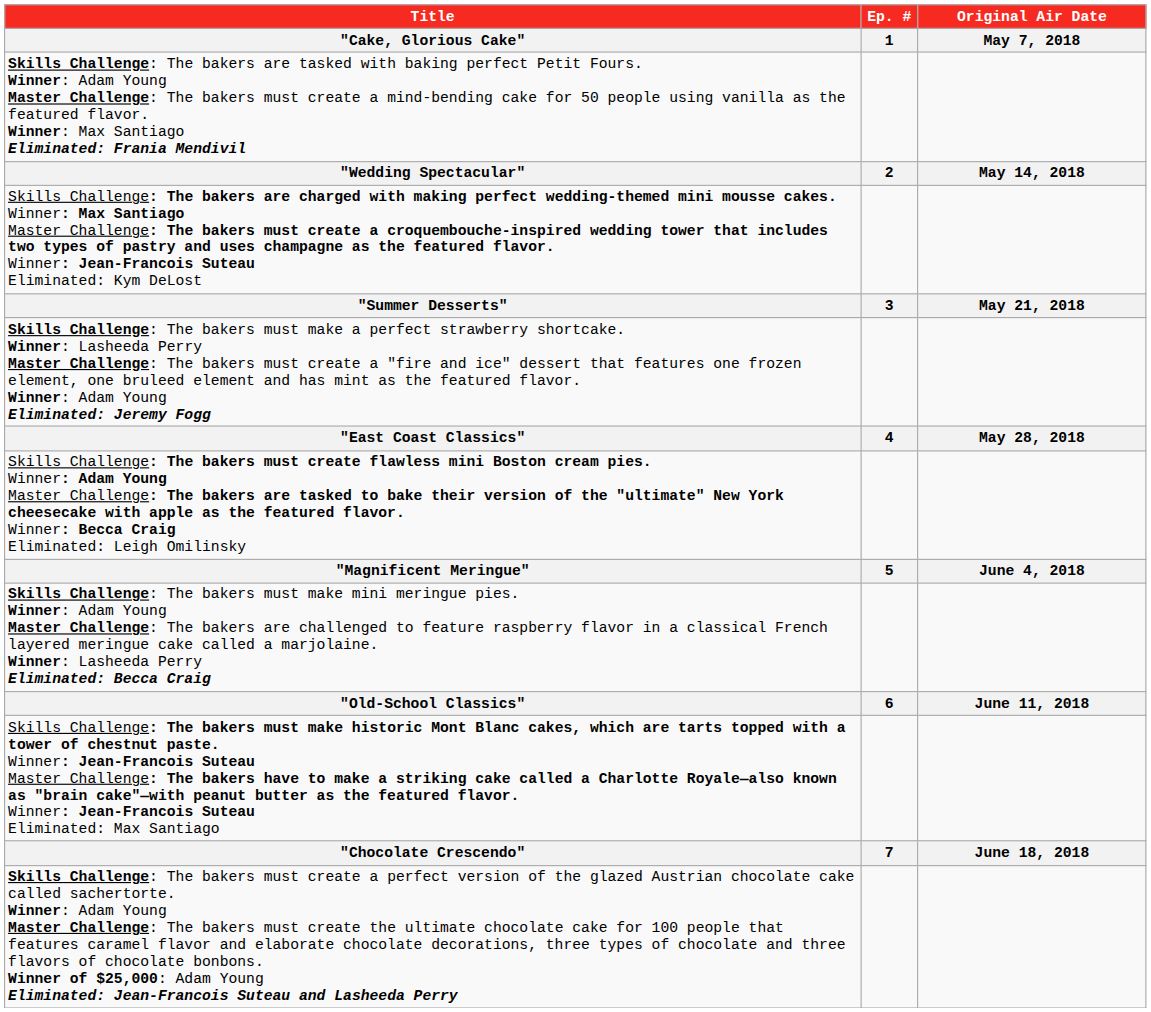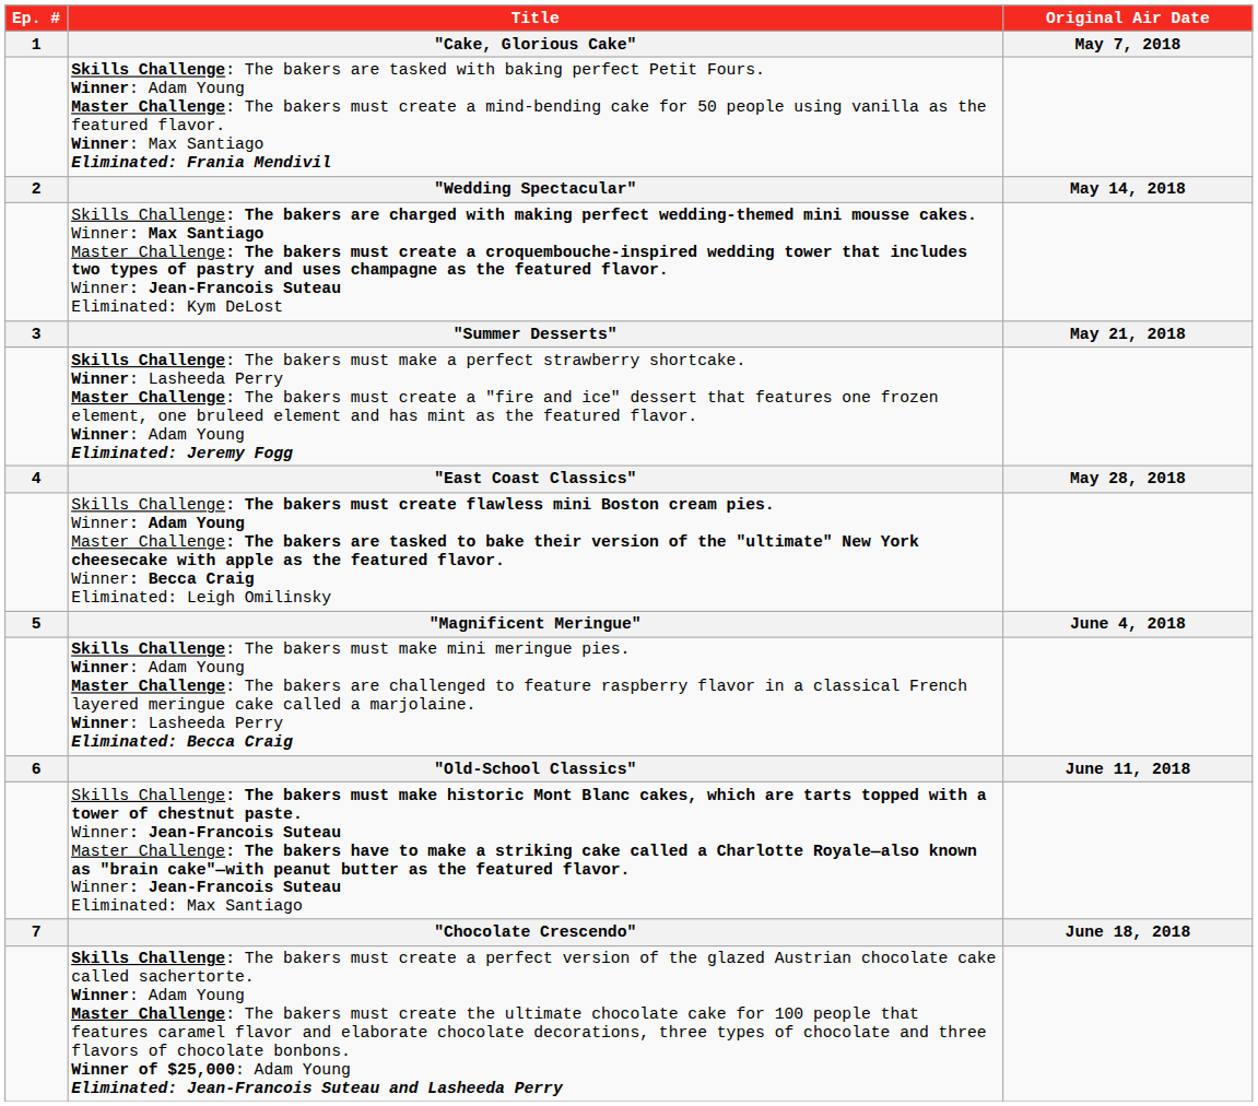 <table class="wikitable plainrowheaders" style="width:80%;">
 <tr>
+<th style="background-color: #f62a20; color: #FFFFFF;" width=5%>Ep. #</th>
 <th style="background-color: #f62a20; color: #FFFFFF;">Title</th>
-<th style="background-color: #f62a20; color: #FFFFFF;" width=5%>Ep. #</th>
 <th style="background-color: #f62a20; color: #FFFFFF;" width=20%>Original Air Date</th>
 </tr>
 <tr>
+<th align="center">1</th>
 <th>"Cake, Glorious Cake"</th>
-<th align="center">1</th>
 <th>May 7, 2018</th>
 </tr>
 <tr>
+<td></td>
 <td><strong><u>Skills Challenge</u></strong>: The bakers are tasked with baking perfect Petit Fours.<br><strong>Winner</strong>: Adam Young<br><strong><u>Master Challenge</u></strong>: The bakers must create a mind-bending cake for 50 people using vanilla as the featured flavor.<br><strong>Winner</strong>: Max Santiago<br><strong><em>Eliminated<strong>: Frania Mendivil<em></td>
-<td></td>
 <td></td>
 </tr>
 <tr>
+<th align="center">2</th>
 <th>"Wedding Spectacular"</th>
-<th align="center">2</th>
 <th>May 14, 2018</th>
 </tr>
 <tr>
+<td></td>
 <td></strong><u>Skills Challenge</u><strong>: The bakers are charged with making perfect wedding-themed mini mousse cakes.<br></strong>Winner<strong>: Max Santiago<br></strong><u>Master Challenge</u><strong>: The bakers must create a croquembouche-inspired wedding tower that includes two types of pastry and uses champagne as the featured flavor.<br></strong>Winner<strong>: Jean-Francois Suteau<br></em></strong>Eliminated</strong>: Kym DeLost</em></td>
-<td></td>
 <td></td>
 </tr>
 <tr>
+<th align="center">3</th>
 <th>"Summer Desserts"</th>
-<th align="center">3</th>
 <th>May 21, 2018</th>
 </tr>
 <tr>
+<td></td>
 <td><strong><u>Skills Challenge</u></strong>: The bakers must make a perfect strawberry shortcake.<br><strong>Winner</strong>: Lasheeda Perry<br><strong><u>Master Challenge</u></strong>: The bakers must create a "fire and ice" dessert that features one frozen element, one bruleed element and has mint as the featured flavor.<br><strong>Winner</strong>: Adam Young<br><strong><em>Eliminated<strong>: Jeremy Fogg<em></td>
-<td></td>
 <td></td>
 </tr>
 <tr>
+<th align="center">4</th>
 <th>"East Coast Classics"</th>
-<th align="center">4</th>
 <th>May 28, 2018</th>
 </tr>
 <tr>
+<td></td>
 <td></strong><u>Skills Challenge</u><strong>: The bakers must create flawless mini Boston cream pies.<br></strong>Winner<strong>: Adam Young<br></strong><u>Master Challenge</u><strong>: The bakers are tasked to bake their version of the "ultimate" New York cheesecake with apple as the featured flavor.<br></strong>Winner<strong>: Becca Craig<br></em></strong>Eliminated</strong>: Leigh Omilinsky</em></td>
-<td></td>
 <td></td>
 </tr>
 <tr>
+<th align="center">5</th>
 <th>"Magnificent Meringue"</th>
-<th align="center">5</th>
 <th>June 4, 2018</th>
 </tr>
 <tr>
+<td></td>
 <td><strong><u>Skills Challenge</u></strong>: The bakers must make mini meringue pies.<br><strong>Winner</strong>: Adam Young<br><strong><u>Master Challenge</u></strong>: The bakers are challenged to feature raspberry flavor in a classical French layered meringue cake called a marjolaine.<br><strong>Winner</strong>: Lasheeda Perry<br><strong><em>Eliminated<strong>: Becca Craig<em></td>
-<td></td>
 <td></td>
 </tr>
 <tr>
+<th align="center">6</th>
 <th>"Old-School Classics"</th>
-<th align="center">6</th>
 <th>June 11, 2018</th>
 </tr>
 <tr>
+<td></td>
 <td></strong><u>Skills Challenge</u><strong>: The bakers must make historic Mont Blanc cakes, which are tarts topped with a tower of chestnut paste.<br></strong>Winner<strong>: Jean-Francois Suteau<br></strong><u>Master Challenge</u><strong>: The bakers have to make a striking cake called a Charlotte Royale—also known as "brain cake"—with peanut butter as the featured flavor.<br></strong>Winner<strong>: Jean-Francois Suteau<br></em></strong>Eliminated</strong>: Max Santiago</em></td>
-<td></td>
 <td></td>
 </tr>
 <tr>
+<th align="center">7</th>
 <th>"Chocolate Crescendo"</th>
-<th align="center">7</th>
 <th>June 18, 2018</th>
 </tr>
 <tr>
+<td></td>
 <td><strong><u>Skills Challenge</u></strong>: The bakers must create a perfect version of the glazed Austrian chocolate cake called sachertorte.<br><strong>Winner</strong>: Adam Young<br><strong><u>Master Challenge</u></strong>: The bakers must create the ultimate chocolate cake for 100 people that features caramel flavor and elaborate chocolate decorations, three types of chocolate and three flavors of chocolate bonbons.<br><strong>Winner of $25,000</strong>: Adam Young<br><strong><em>Eliminated<strong>: Jean-Francois Suteau<em> and </em>Lasheeda Perry<em></td>
-<td></td>
 <td></td>
 </tr>
 </table>
